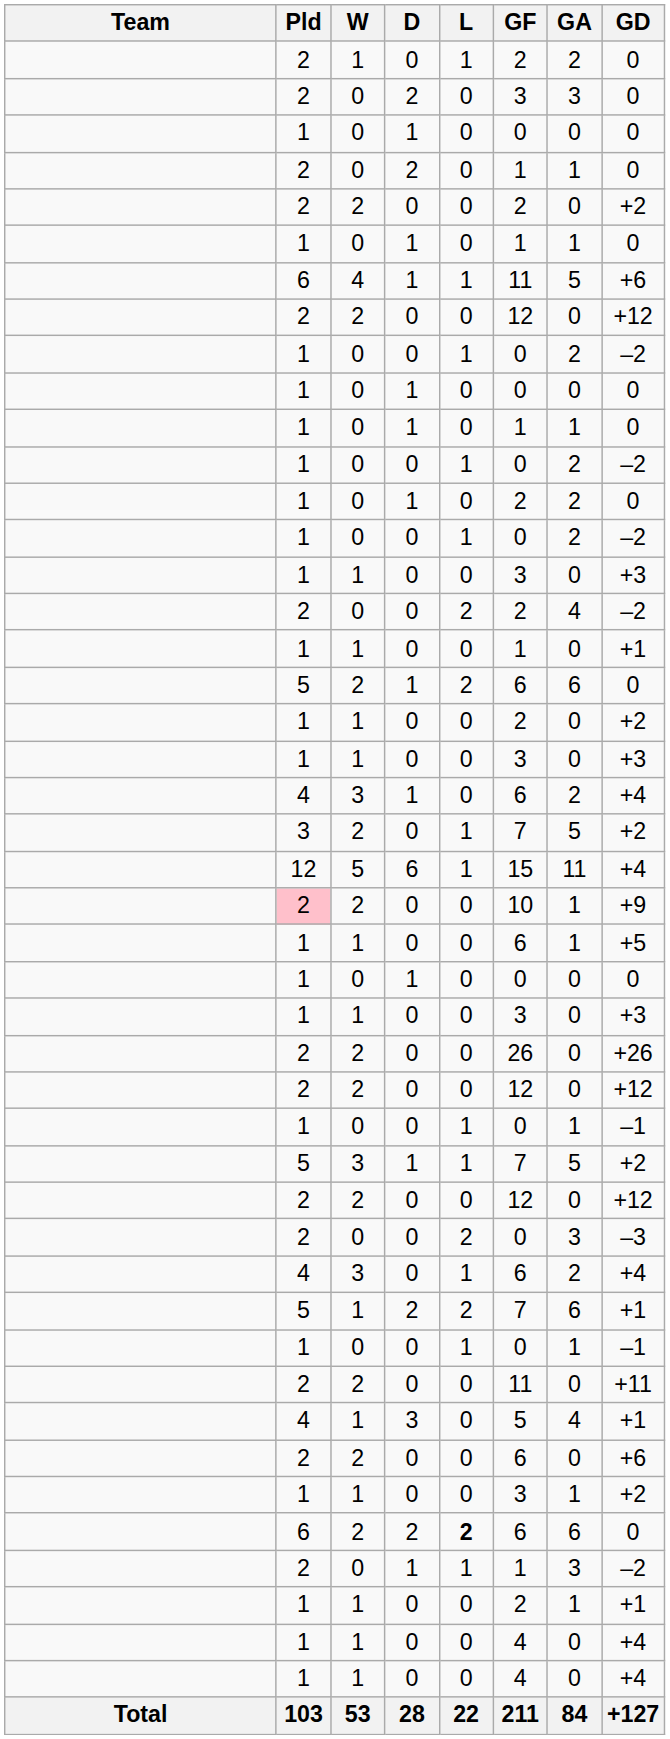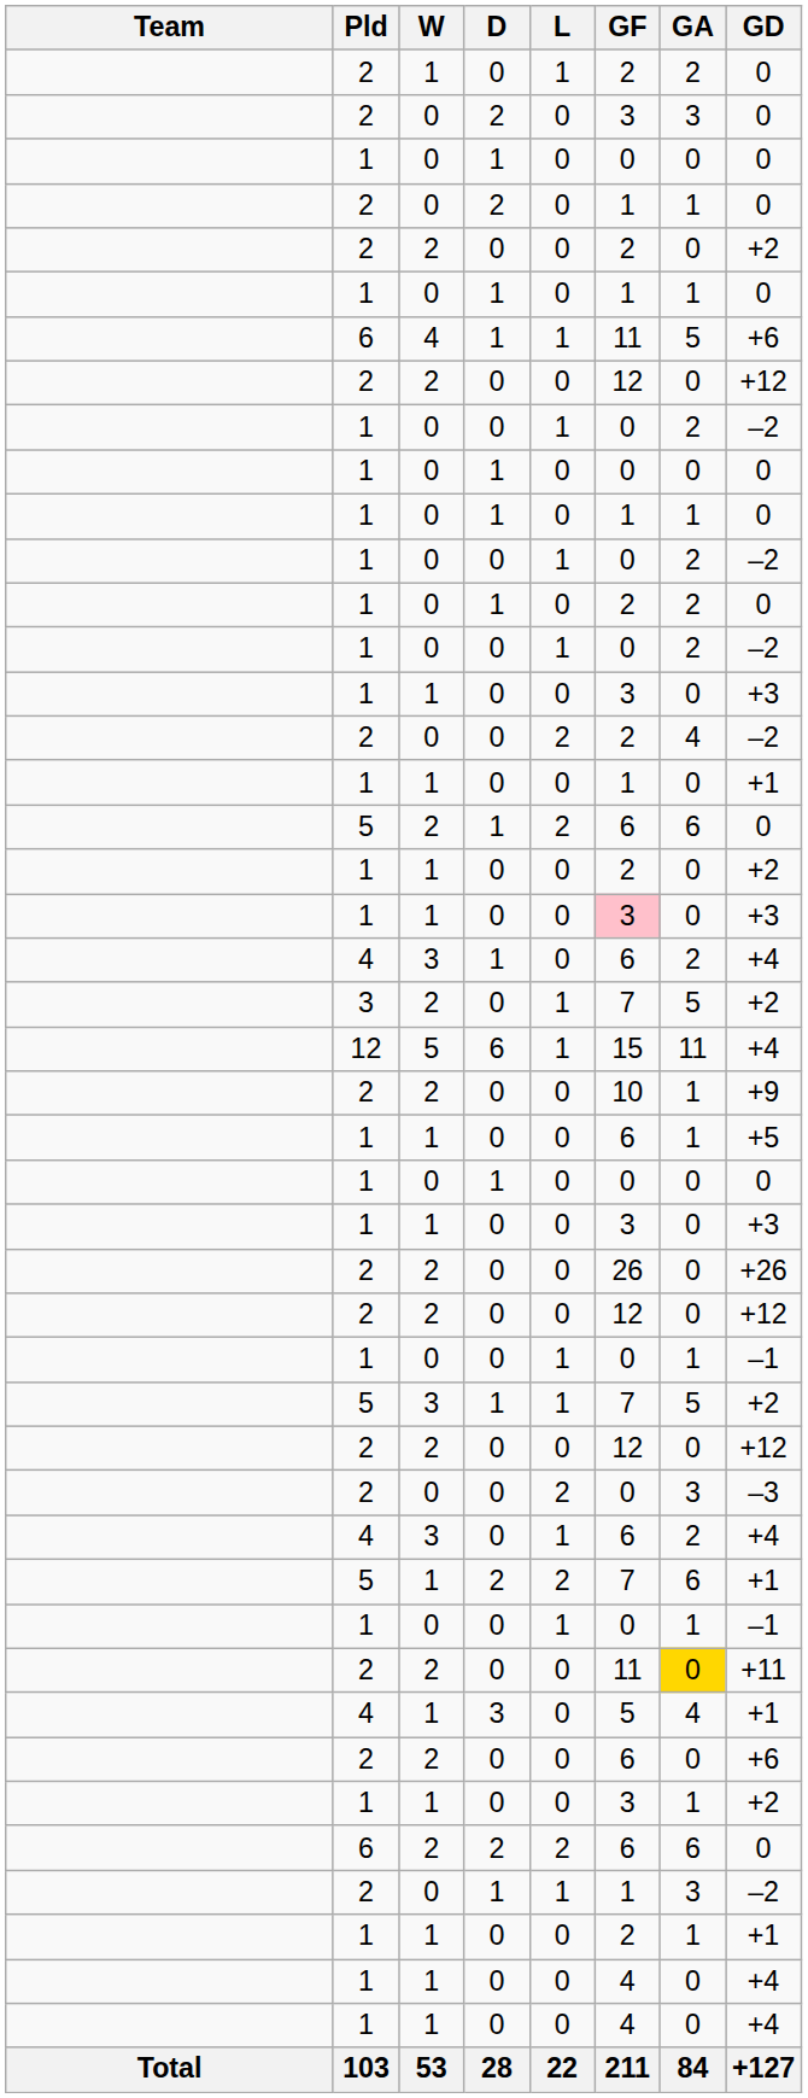 <table class="wikitable sortable" style="text-align: center;">
 <tr>
 <th width=180>Team</th>
 <th width=30>Pld</th>
 <th width=30>W</th>
 <th width=30>D</th>
 <th width=30>L</th>
 <th width=30>GF</th>
 <th width=30>GA</th>
 <th width=30>GD</th>
 </tr>
 <tr>
 <td align="left"></td>
 <td>2</td>
 <td>1</td>
 <td>0</td>
 <td>1</td>
 <td>2</td>
 <td>2</td>
 <td>0</td>
 </tr>
 <tr>
 <td align="left"></td>
 <td>2</td>
 <td>0</td>
 <td>2</td>
 <td>0</td>
 <td>3</td>
 <td>3</td>
 <td>0</td>
 </tr>
 <tr>
 <td align="left"></td>
 <td>1</td>
 <td>0</td>
 <td>1</td>
 <td>0</td>
 <td>0</td>
 <td>0</td>
 <td>0</td>
 </tr>
 <tr>
 <td align="left"></td>
 <td>2</td>
 <td>0</td>
 <td>2</td>
 <td>0</td>
 <td>1</td>
 <td>1</td>
 <td>0</td>
 </tr>
 <tr>
 <td align="left"></td>
 <td>2</td>
 <td>2</td>
 <td>0</td>
 <td>0</td>
 <td>2</td>
 <td>0</td>
 <td>+2</td>
 </tr>
 <tr>
 <td align="left"></td>
 <td>1</td>
 <td>0</td>
 <td>1</td>
 <td>0</td>
 <td>1</td>
 <td>1</td>
 <td>0</td>
 </tr>
 <tr>
 <td align="left"></td>
 <td>6</td>
 <td>4</td>
 <td>1</td>
 <td>1</td>
 <td>11</td>
 <td>5</td>
 <td>+6</td>
 </tr>
 <tr>
 <td align="left"></td>
 <td>2</td>
 <td>2</td>
 <td>0</td>
 <td>0</td>
 <td>12</td>
 <td>0</td>
 <td>+12</td>
 </tr>
 <tr>
 <td align="left"></td>
 <td>1</td>
 <td>0</td>
 <td>0</td>
 <td>1</td>
 <td>0</td>
 <td>2</td>
 <td>–2</td>
 </tr>
 <tr>
 <td align="left"></td>
 <td>1</td>
 <td>0</td>
 <td>1</td>
 <td>0</td>
 <td>0</td>
 <td>0</td>
 <td>0</td>
 </tr>
 <tr>
 <td align="left"></td>
 <td>1</td>
 <td>0</td>
 <td>1</td>
 <td>0</td>
 <td>1</td>
 <td>1</td>
 <td>0</td>
 </tr>
 <tr>
 <td align="left"></td>
 <td>1</td>
 <td>0</td>
 <td>0</td>
 <td>1</td>
 <td>0</td>
 <td>2</td>
 <td>–2</td>
 </tr>
 <tr>
 <td align="left"></td>
 <td>1</td>
 <td>0</td>
 <td>1</td>
 <td>0</td>
 <td>2</td>
 <td>2</td>
 <td>0</td>
 </tr>
 <tr>
 <td align="left"></td>
 <td>1</td>
 <td>0</td>
 <td>0</td>
 <td>1</td>
 <td>0</td>
 <td>2</td>
 <td>–2</td>
 </tr>
 <tr>
 <td align="left"></td>
 <td>1</td>
 <td>1</td>
 <td>0</td>
 <td>0</td>
 <td>3</td>
 <td>0</td>
 <td>+3</td>
 </tr>
 <tr>
 <td align="left"></td>
 <td>2</td>
 <td>0</td>
 <td>0</td>
 <td>2</td>
 <td>2</td>
 <td>4</td>
 <td>–2</td>
 </tr>
 <tr>
 <td align="left"></td>
 <td>1</td>
 <td>1</td>
 <td>0</td>
 <td>0</td>
 <td>1</td>
 <td>0</td>
 <td>+1</td>
 </tr>
 <tr>
 <td align="left"></td>
 <td>5</td>
 <td>2</td>
 <td>1</td>
 <td>2</td>
 <td>6</td>
 <td>6</td>
 <td>0</td>
 </tr>
 <tr>
 <td align="left"></td>
 <td>1</td>
 <td>1</td>
 <td>0</td>
 <td>0</td>
 <td>2</td>
 <td>0</td>
 <td>+2</td>
 </tr>
 <tr>
 <td align="left"></td>
 <td>1</td>
 <td>1</td>
 <td>0</td>
 <td>0</td>
-<td>3</td>
+<td style="background: pink;">3</td>
 <td>0</td>
 <td>+3</td>
 </tr>
 <tr>
 <td align="left"></td>
 <td>4</td>
 <td>3</td>
 <td>1</td>
 <td>0</td>
 <td>6</td>
 <td>2</td>
 <td>+4</td>
 </tr>
 <tr>
 <td align="left"></td>
 <td>3</td>
 <td>2</td>
 <td>0</td>
 <td>1</td>
 <td>7</td>
 <td>5</td>
 <td>+2</td>
 </tr>
 <tr>
 <td align="left"></td>
 <td>12</td>
 <td>5</td>
 <td>6</td>
 <td>1</td>
 <td>15</td>
 <td>11</td>
 <td>+4</td>
 </tr>
 <tr>
 <td align="left"></td>
-<td style="background: pink;">2</td>
+<td>2</td>
 <td>2</td>
 <td>0</td>
 <td>0</td>
 <td>10</td>
 <td>1</td>
 <td>+9</td>
 </tr>
 <tr>
 <td align="left"></td>
 <td>1</td>
 <td>1</td>
 <td>0</td>
 <td>0</td>
 <td>6</td>
 <td>1</td>
 <td>+5</td>
 </tr>
 <tr>
 <td align="left"></td>
 <td>1</td>
 <td>0</td>
 <td>1</td>
 <td>0</td>
 <td>0</td>
 <td>0</td>
 <td>0</td>
 </tr>
 <tr>
 <td align="left"></td>
 <td>1</td>
 <td>1</td>
 <td>0</td>
 <td>0</td>
 <td>3</td>
 <td>0</td>
 <td>+3</td>
 </tr>
 <tr>
 <td align="left"></td>
 <td>2</td>
 <td>2</td>
 <td>0</td>
 <td>0</td>
 <td>26</td>
 <td>0</td>
 <td>+26</td>
 </tr>
 <tr>
 <td align="left"></td>
 <td>2</td>
 <td>2</td>
 <td>0</td>
 <td>0</td>
 <td>12</td>
 <td>0</td>
 <td>+12</td>
 </tr>
 <tr>
 <td align="left"></td>
 <td>1</td>
 <td>0</td>
 <td>0</td>
 <td>1</td>
 <td>0</td>
 <td>1</td>
 <td>–1</td>
 </tr>
 <tr>
 <td align="left"></td>
 <td>5</td>
 <td>3</td>
 <td>1</td>
 <td>1</td>
 <td>7</td>
 <td>5</td>
 <td>+2</td>
 </tr>
 <tr>
 <td align="left"></td>
 <td>2</td>
 <td>2</td>
 <td>0</td>
 <td>0</td>
 <td>12</td>
 <td>0</td>
 <td>+12</td>
 </tr>
 <tr>
 <td align="left"></td>
 <td>2</td>
 <td>0</td>
 <td>0</td>
 <td>2</td>
 <td>0</td>
 <td>3</td>
 <td>–3</td>
 </tr>
 <tr>
 <td align="left"></td>
 <td>4</td>
 <td>3</td>
 <td>0</td>
 <td>1</td>
 <td>6</td>
 <td>2</td>
 <td>+4</td>
 </tr>
 <tr>
 <td align="left"></td>
 <td>5</td>
 <td>1</td>
 <td>2</td>
 <td>2</td>
 <td>7</td>
 <td>6</td>
 <td>+1</td>
 </tr>
 <tr>
 <td align="left"></td>
 <td>1</td>
 <td>0</td>
 <td>0</td>
 <td>1</td>
 <td>0</td>
 <td>1</td>
 <td>–1</td>
 </tr>
 <tr>
 <td align="left"></td>
 <td>2</td>
 <td>2</td>
 <td>0</td>
 <td>0</td>
 <td>11</td>
-<td>0</td>
+<td style="background: gold;">0</td>
 <td>+11</td>
 </tr>
 <tr>
 <td align="left"></td>
 <td>4</td>
 <td>1</td>
 <td>3</td>
 <td>0</td>
 <td>5</td>
 <td>4</td>
 <td>+1</td>
 </tr>
 <tr>
 <td align="left"></td>
 <td>2</td>
 <td>2</td>
 <td>0</td>
 <td>0</td>
 <td>6</td>
 <td>0</td>
 <td>+6</td>
 </tr>
 <tr>
 <td align="left"></td>
 <td>1</td>
 <td>1</td>
 <td>0</td>
 <td>0</td>
 <td>3</td>
 <td>1</td>
 <td>+2</td>
 </tr>
 <tr>
 <td align="left"></td>
 <td>6</td>
 <td>2</td>
 <td>2</td>
-<td><strong>2</strong></td>
+<td>2</td>
 <td>6</td>
 <td>6</td>
 <td>0</td>
 </tr>
 <tr>
 <td align="left"></td>
 <td>2</td>
 <td>0</td>
 <td>1</td>
 <td>1</td>
 <td>1</td>
 <td>3</td>
 <td>–2</td>
 </tr>
 <tr>
 <td align="left"></td>
 <td>1</td>
 <td>1</td>
 <td>0</td>
 <td>0</td>
 <td>2</td>
 <td>1</td>
 <td>+1</td>
 </tr>
 <tr>
 <td align="left"></td>
 <td>1</td>
 <td>1</td>
 <td>0</td>
 <td>0</td>
 <td>4</td>
 <td>0</td>
 <td>+4</td>
 </tr>
 <tr>
 <td align="left"></td>
 <td>1</td>
 <td>1</td>
 <td>0</td>
 <td>0</td>
 <td>4</td>
 <td>0</td>
 <td>+4</td>
 </tr>
 <tr>
 <th>Total</th>
 <th>103</th>
 <th>53</th>
 <th>28</th>
 <th>22</th>
 <th>211</th>
 <th>84</th>
 <th>+127</th>
 </tr>
 </table>
